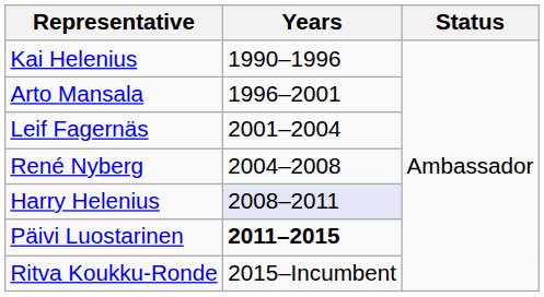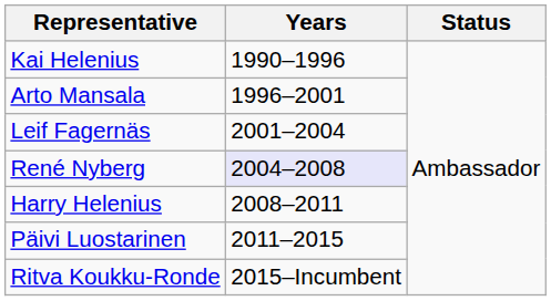 <table class="wikitable sortable">
 <tr>
 <th>Representative</th>
 <th>Years</th>
 <th>Status</th>
 </tr>
 <tr>
 <td><a href='#'>Kai Helenius</a></td>
 <td>1990–1996</td>
 <td rowspan="7">Ambassador</td>
 </tr>
 <tr>
 <td><a href='#'>Arto Mansala</a></td>
 <td>1996–2001</td>
 </tr>
 <tr>
 <td><a href='#'>Leif Fagernäs</a></td>
 <td>2001–2004</td>
 </tr>
 <tr>
 <td><a href='#'>René Nyberg</a></td>
-<td>2004–2008</td>
+<td style="background: lavender;">2004–2008</td>
 </tr>
 <tr>
 <td><a href='#'>Harry Helenius</a></td>
-<td style="background: lavender;">2008–2011</td>
+<td>2008–2011</td>
 </tr>
 <tr>
 <td><a href='#'>Päivi Luostarinen</a></td>
-<td><strong>2011–2015</strong></td>
+<td>2011–2015</td>
 </tr>
 <tr>
 <td><a href='#'>Ritva Koukku-Ronde</a></td>
 <td>2015–Incumbent</td>
 </tr>
 </table>
